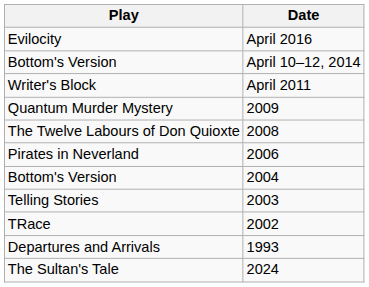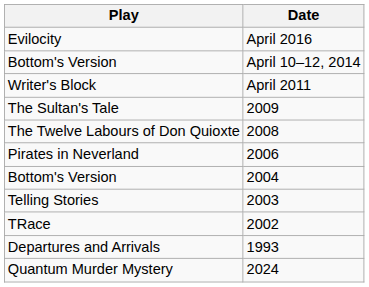 <table class="wikitable sortable">
 <tr>
 <th>Play</th>
 <th>Date</th>
 </tr>
 <tr>
 <td>Evilocity</td>
 <td>April 2016</td>
 </tr>
 <tr>
 <td>Bottom's Version</td>
 <td>April 10–12, 2014</td>
 </tr>
 <tr>
 <td>Writer's Block</td>
 <td>April 2011</td>
 </tr>
 <tr>
-<td>Quantum Murder Mystery</td>
+<td>The Sultan's Tale</td>
 <td>2009</td>
 </tr>
 <tr>
 <td>The Twelve Labours of Don Quioxte</td>
 <td>2008</td>
 </tr>
 <tr>
 <td>Pirates in Neverland</td>
 <td>2006</td>
 </tr>
 <tr>
 <td>Bottom's Version</td>
 <td>2004</td>
 </tr>
 <tr>
 <td>Telling Stories</td>
 <td>2003</td>
 </tr>
 <tr>
 <td>TRace</td>
 <td>2002</td>
 </tr>
 <tr>
 <td>Departures and Arrivals</td>
 <td>1993</td>
 </tr>
 <tr>
-<td>The Sultan's Tale</td>
+<td>Quantum Murder Mystery</td>
 <td>2024</td>
 </tr>
 </table>
